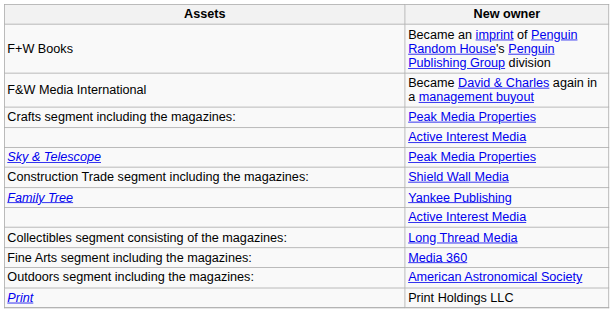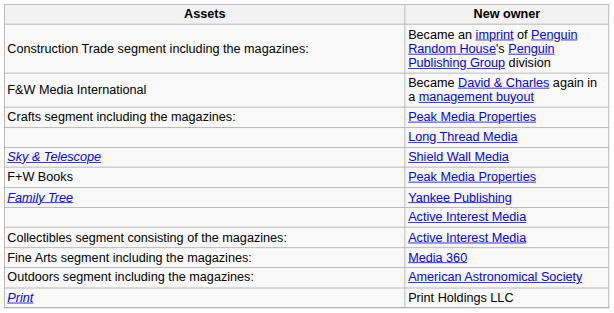 <table class="wikitable">
 <tr>
 <th scope="col" style="width: 500px;">Assets</th>
 <th scope="col" style="width: 250px;">New owner</th>
 </tr>
 <tr>
-<td>F+W Books</td>
+<td>Construction Trade segment including the magazines:<br></td>
 <td>Became an <a href='#'>imprint</a> of <a href='#'>Penguin Random House</a>'s <a href='#'>Penguin Publishing Group</a> division</td>
 </tr>
 <tr>
 <td>F&W Media International</td>
 <td>Became <a href='#'>David & Charles</a> again in a <a href='#'>management buyout</a></td>
 </tr>
 <tr>
 <td>Crafts segment including the magazines:<br></td>
 <td><a href='#'>Peak Media Properties</a></td>
 </tr>
 <tr>
 <td></td>
-<td><a href='#'>Active Interest Media</a></td>
+<td><a href='#'>Long Thread Media</a></td>
 </tr>
 <tr>
 <td><em><a href='#'>Sky & Telescope</a></em></td>
-<td><a href='#'>Peak Media Properties</a></td>
+<td><a href='#'>Shield Wall Media</a></td>
 </tr>
 <tr>
-<td>Construction Trade segment including the magazines:<br></td>
-<td><a href='#'>Shield Wall Media</a></td>
+<td>F+W Books</td>
+<td><a href='#'>Peak Media Properties</a></td>
 </tr>
 <tr>
 <td><em><a href='#'>Family Tree</a></em></td>
 <td><a href='#'>Yankee Publishing</a></td>
 </tr>
 <tr>
 <td></td>
 <td><a href='#'>Active Interest Media</a></td>
 </tr>
 <tr>
 <td>Collectibles segment consisting of the magazines:<br></td>
-<td><a href='#'>Long Thread Media</a></td>
+<td><a href='#'>Active Interest Media</a></td>
 </tr>
 <tr>
 <td>Fine Arts segment including the magazines:<br></td>
 <td><a href='#'>Media 360</a></td>
 </tr>
 <tr>
 <td>Outdoors segment including the magazines:<br></td>
 <td><a href='#'>American Astronomical Society</a></td>
 </tr>
 <tr>
 <td><em><a href='#'>Print</a></em></td>
 <td>Print Holdings LLC</td>
 </tr>
 <tr>
 </tr>
 </table>
